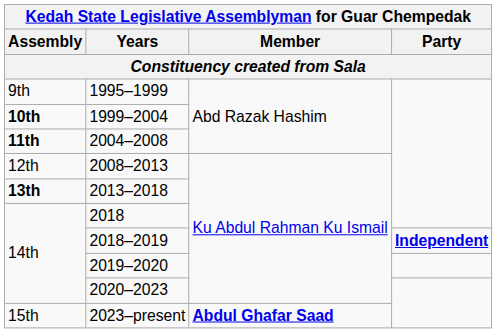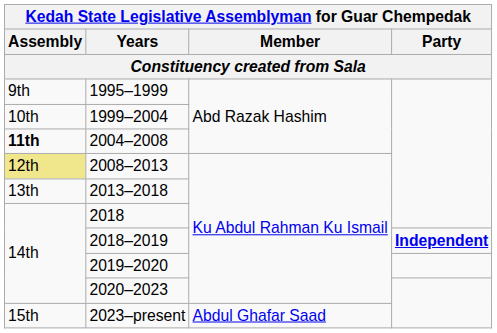 <table class="wikitable">
 <tr>
 <th colspan="4"><a href='#'>Kedah State Legislative Assemblyman</a> for Guar Chempedak</th>
 </tr>
 <tr>
 <th>Assembly</th>
 <th>Years</th>
 <th>Member</th>
 <th>Party</th>
 </tr>
 <tr>
 <th colspan="4" align="center"><em>Constituency created from Sala</em></th>
 </tr>
 <tr>
 <td>9th</td>
 <td>1995–1999</td>
 <td rowspan="3">Abd Razak Hashim</td>
 <td rowspan="6"></td>
 </tr>
 <tr>
-<td><strong>10th</strong></td>
+<td>10th</td>
 <td>1999–2004</td>
 </tr>
 <tr>
 <td><strong>11th</strong></td>
 <td>2004–2008</td>
 </tr>
 <tr>
-<td>12th</td>
+<td style="background: khaki;">12th</td>
 <td>2008–2013</td>
 <td rowspan="6"><a href='#'>Ku Abdul Rahman Ku Ismail</a></td>
 </tr>
 <tr>
-<td><strong>13th</strong></td>
+<td>13th</td>
 <td>2013–2018</td>
 </tr>
 <tr>
 <td rowspan="4">14th</td>
 <td>2018</td>
 </tr>
 <tr>
 <td>2018–2019</td>
 <td><strong><a href='#'>Independent</a></strong></td>
 </tr>
 <tr>
 <td>2019–2020</td>
 <td></td>
 </tr>
 <tr>
 <td>2020–2023</td>
 <td rowspan="2"></td>
 </tr>
 <tr>
 <td>15th</td>
 <td>2023–present</td>
-<td><strong><a href='#'>Abdul Ghafar Saad</a></strong></td>
+<td><a href='#'>Abdul Ghafar Saad</a></td>
 </tr>
 </table>
